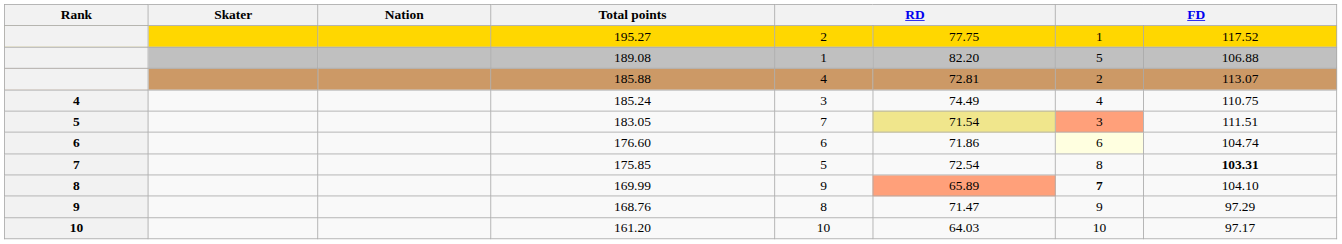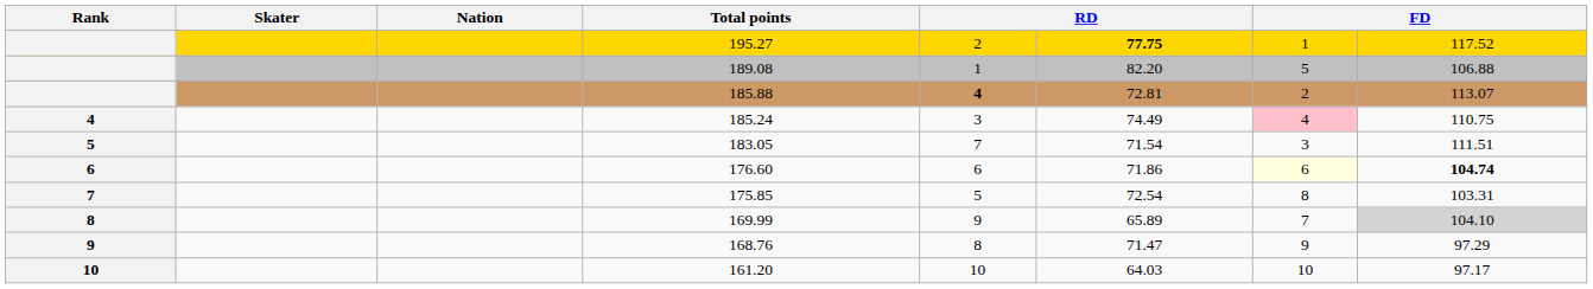 <table class="wikitable sortable" style="text-align:center;" width="80%">
 <tr>
 <th scope="col">Rank</th>
 <th scope="col">Skater</th>
 <th scope="col">Nation</th>
 <th scope="col">Total points</th>
 <th scope="col" colspan="2" width="80px"><a href='#'>RD</a></th>
 <th scope="col" colspan="2" width="80px"><a href='#'>FD</a></th>
 </tr>
 <tr bgcolor="gold">
 <th scope="row"></th>
 <td align="left"></td>
 <td align="left"></td>
 <td>195.27</td>
 <td>2</td>
-<td>77.75</td>
+<td><strong>77.75</strong></td>
 <td>1</td>
 <td>117.52</td>
 </tr>
 <tr bgcolor="silver">
 <th scope="row"></th>
 <td align="left"></td>
 <td align="left"></td>
 <td>189.08</td>
 <td>1</td>
 <td>82.20</td>
 <td>5</td>
 <td>106.88</td>
 </tr>
 <tr bgcolor="cc9966">
 <th scope="row"></th>
 <td align="left"></td>
 <td align="left"></td>
 <td>185.88</td>
-<td>4</td>
+<td><strong>4</strong></td>
 <td>72.81</td>
 <td>2</td>
 <td>113.07</td>
 </tr>
 <tr>
 <th scope="row">4</th>
 <td align="left"></td>
 <td align="left"></td>
 <td>185.24</td>
 <td>3</td>
 <td>74.49</td>
-<td>4</td>
+<td style="background: pink;">4</td>
 <td>110.75</td>
 </tr>
 <tr>
 <th scope="row">5</th>
 <td align="left"></td>
 <td align="left"></td>
 <td>183.05</td>
 <td>7</td>
-<td style="background: khaki;">71.54</td>
-<td style="background: lightsalmon;">3</td>
+<td>71.54</td>
+<td>3</td>
 <td>111.51</td>
 </tr>
 <tr>
 <th scope="row">6</th>
 <td align="left"></td>
 <td align="left"></td>
 <td>176.60</td>
 <td>6</td>
 <td>71.86</td>
 <td style="background: lightyellow;">6</td>
-<td>104.74</td>
+<td><strong>104.74</strong></td>
 </tr>
 <tr>
 <th scope="row">7</th>
 <td align="left"></td>
 <td align="left"></td>
 <td>175.85</td>
 <td>5</td>
 <td>72.54</td>
 <td>8</td>
-<td><strong>103.31</strong></td>
+<td>103.31</td>
 </tr>
 <tr>
 <th scope="row">8</th>
 <td align="left"></td>
 <td align="left"></td>
 <td>169.99</td>
 <td>9</td>
-<td style="background: lightsalmon;">65.89</td>
-<td><strong>7</strong></td>
-<td>104.10</td>
+<td>65.89</td>
+<td>7</td>
+<td style="background: lightgrey;">104.10</td>
 </tr>
 <tr>
 <th scope="row">9</th>
 <td align="left"></td>
 <td align="left"></td>
 <td>168.76</td>
 <td>8</td>
 <td>71.47</td>
 <td>9</td>
 <td>97.29</td>
 </tr>
 <tr>
 <th scope="row">10</th>
 <td align="left"></td>
 <td align="left"></td>
 <td>161.20</td>
 <td>10</td>
 <td>64.03</td>
 <td>10</td>
 <td>97.17</td>
 </tr>
 </table>
